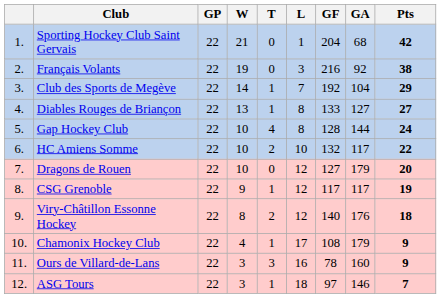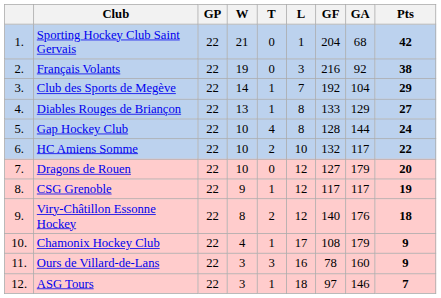 <table class="wikitable">
 <tr>
 <th width="30"></th>
 <th width="200">Club</th>
 <th width="30">GP</th>
 <th width="30">W</th>
 <th width="30">T</th>
 <th width="30">L</th>
 <th width="30">GF</th>
 <th width="30">GA</th>
 <th width="70">Pts</th>
 </tr>
 <tr bgcolor="#BCD2EE" align="center">
 <td>1.</td>
 <td align="left"><a href='#'>Sporting Hockey Club Saint Gervais</a></td>
 <td>22</td>
 <td>21</td>
 <td>0</td>
 <td>1</td>
 <td>204</td>
 <td>68</td>
 <td><strong>42</strong></td>
 </tr>
 <tr bgcolor="#BCD2EE" align="center">
 <td>2.</td>
 <td align="left"><a href='#'>Français Volants</a></td>
 <td>22</td>
 <td>19</td>
 <td>0</td>
 <td>3</td>
 <td>216</td>
 <td>92</td>
 <td><strong>38</strong></td>
 </tr>
 <tr bgcolor="#BCD2EE" align="center">
 <td>3.</td>
 <td align="left"><a href='#'>Club des Sports de Megève</a></td>
 <td>22</td>
 <td>14</td>
 <td>1</td>
 <td>7</td>
 <td>192</td>
 <td>104</td>
 <td><strong>29</strong></td>
 </tr>
 <tr bgcolor="#BCD2EE" align="center">
 <td>4.</td>
 <td align="left"><a href='#'>Diables Rouges de Briançon</a></td>
 <td>22</td>
 <td>13</td>
 <td>1</td>
 <td>8</td>
 <td>133</td>
-<td>127</td>
+<td>129</td>
 <td><strong>27</strong></td>
 </tr>
 <tr bgcolor="#BCD2EE" align="center">
 <td>5.</td>
 <td align="left"><a href='#'>Gap Hockey Club</a></td>
 <td>22</td>
 <td>10</td>
 <td>4</td>
 <td>8</td>
 <td>128</td>
 <td>144</td>
 <td><strong>24</strong></td>
 </tr>
 <tr bgcolor="#BCD2EE" align="center">
 <td>6.</td>
 <td align="left"><a href='#'>HC Amiens Somme</a></td>
 <td>22</td>
 <td>10</td>
 <td>2</td>
 <td>10</td>
 <td>132</td>
 <td>117</td>
 <td><strong>22</strong></td>
 </tr>
 <tr bgcolor="#FFCCCC" align="center">
 <td>7.</td>
 <td align="left"><a href='#'>Dragons de Rouen</a></td>
 <td>22</td>
 <td>10</td>
 <td>0</td>
 <td>12</td>
 <td>127</td>
 <td>179</td>
 <td><strong>20</strong></td>
 </tr>
 <tr bgcolor="#FFCCCC" align="center">
 <td>8.</td>
 <td align="left"><a href='#'>CSG Grenoble</a></td>
 <td>22</td>
 <td>9</td>
 <td>1</td>
 <td>12</td>
 <td>117</td>
 <td>117</td>
 <td><strong>19</strong></td>
 </tr>
 <tr bgcolor="#FFCCCC" align="center">
 <td>9.</td>
 <td align="left"><a href='#'>Viry-Châtillon Essonne Hockey&lrm;</a></td>
 <td>22</td>
 <td>8</td>
 <td>2</td>
 <td>12</td>
 <td>140</td>
 <td>176</td>
 <td><strong>18</strong></td>
 </tr>
 <tr bgcolor="#FFCCCC" align="center">
 <td>10.</td>
 <td align="left"><a href='#'>Chamonix Hockey Club</a></td>
 <td>22</td>
 <td>4</td>
 <td>1</td>
 <td>17</td>
 <td>108</td>
 <td>179</td>
 <td><strong>9</strong></td>
 </tr>
 <tr bgcolor="#FFCCCC" align="center">
 <td>11.</td>
 <td align="left"><a href='#'>Ours de Villard-de-Lans</a></td>
 <td>22</td>
 <td>3</td>
 <td>3</td>
 <td>16</td>
 <td>78</td>
 <td>160</td>
 <td><strong>9</strong></td>
 </tr>
 <tr bgcolor="#FFCCCC" align="center">
 <td>12.</td>
 <td align="left"><a href='#'>ASG Tours</a></td>
 <td>22</td>
 <td>3</td>
 <td>1</td>
 <td>18</td>
 <td>97</td>
 <td>146</td>
 <td><strong>7</strong></td>
 </tr>
 </table>
